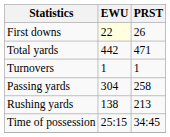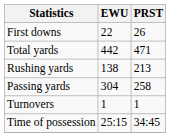 <table class="wikitable">
 <tr>
 <th>Statistics</th>
 <th>EWU</th>
 <th>PRST</th>
 </tr>
 <tr>
 <td>First downs</td>
-<td style="background: lightyellow;">22</td>
+<td>22</td>
 <td>26</td>
 </tr>
 <tr>
 <td>Total yards</td>
 <td>442</td>
 <td>471</td>
 </tr>
 <tr>
-<td>Turnovers</td>
-<td>1</td>
-<td>1</td>
+<td>Rushing yards</td>
+<td>138</td>
+<td>213</td>
 </tr>
 <tr>
 <td>Passing yards</td>
 <td>304</td>
 <td>258</td>
 </tr>
 <tr>
-<td>Rushing yards</td>
-<td>138</td>
-<td>213</td>
+<td>Turnovers</td>
+<td>1</td>
+<td>1</td>
 </tr>
 <tr>
 <td>Time of possession</td>
 <td>25:15</td>
 <td>34:45</td>
 </tr>
 <tr>
 </tr>
 </table>
